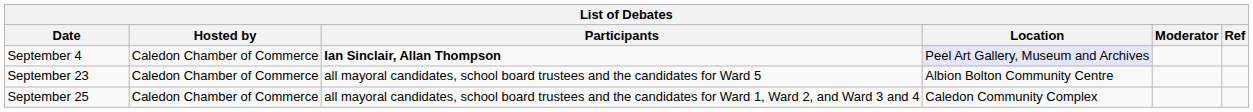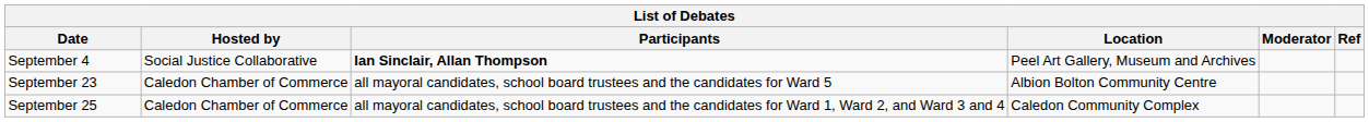 <table class="wikitable">
 <tr style="background:#e9e9e9;">
 <th colspan="6">List of Debates</th>
 </tr>
 <tr>
 <th style="width:10%">Date</th>
 <th>Hosted by</th>
 <th>Participants</th>
 <th>Location</th>
 <th>Moderator</th>
 <th>Ref</th>
 </tr>
 <tr>
 <td>September 4</td>
-<td>Caledon Chamber of Commerce</td>
+<td>Social Justice Collaborative</td>
 <td><strong>Ian Sinclair, Allan Thompson</strong></td>
-<td style="background: lavender;">Peel Art Gallery, Museum and Archives</td>
+<td>Peel Art Gallery, Museum and Archives</td>
 <td></td>
 <td></td>
 </tr>
 <tr>
 <td>September 23</td>
 <td>Caledon Chamber of Commerce</td>
 <td>all mayoral candidates, school board trustees and the candidates for Ward 5</td>
 <td>Albion Bolton Community Centre</td>
 <td></td>
 <td></td>
 </tr>
 <tr>
 <td>September 25</td>
 <td>Caledon Chamber of Commerce</td>
 <td>all mayoral candidates, school board trustees and the candidates for Ward 1, Ward 2, and Ward 3 and 4</td>
 <td>Caledon Community Complex</td>
 <td></td>
 <td></td>
 </tr>
 </table>
